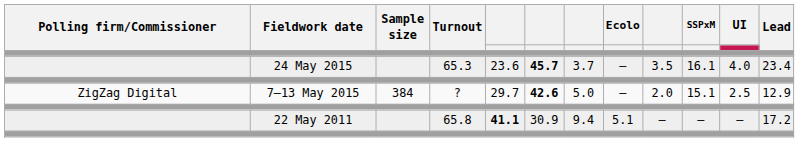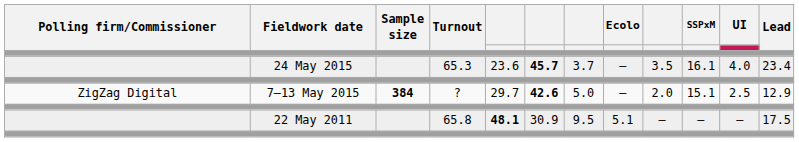 <table class="wikitable collapsible collapsed" style="text-align:center; font-size:95%; line-height:16px;">
 <tr style="height:42px;">
 <th style="width:250px;" rowspan="2">Polling firm/Commissioner</th>
 <th style="width:125px;" rowspan="2">Fieldwork date</th>
 <th style="width:50px;" rowspan="2">Sample size</th>
 <th style="width:45px;" rowspan="2">Turnout</th>
 <th style="width:35px;"></th>
 <th style="width:35px;"></th>
 <th style="width:35px;"></th>
 <th style="width:35px; font-size:95%;">Ecolo</th>
 <th style="width:35px;"></th>
 <th style="width:35px; font-size:80%;">SSPxM</th>
 <th style="width:35px;">UI</th>
 <th style="width:30px;" rowspan="2">Lead</th>
 </tr>
 <tr>
 <th style="color:inherit;background:"></th>
 <th style="color:inherit;background:"></th>
 <th style="color:inherit;background:"></th>
 <th style="color:inherit;background:"></th>
 <th style="color:inherit;background:"></th>
 <th style="color:inherit;background:"></th>
 <th style="color:inherit;background:#C61654;"></th>
 </tr>
 <tr>
 <td colspan="12" style="background:#A0A0A0"></td>
 </tr>
 <tr style="background:#EFEFEF;">
 <td><strong></strong></td>
 <td>24 May 2015</td>
 <td></td>
 <td>65.3</td>
 <td>23.6<br></td>
 <td><strong>45.7</strong><br></td>
 <td>3.7<br></td>
 <td>–</td>
 <td>3.5<br></td>
 <td>16.1<br></td>
 <td>4.0<br></td>
 <td style="background:">23.4</td>
 </tr>
 <tr>
 <td colspan="12" style="background:#A0A0A0"></td>
 </tr>
 <tr>
 <td>ZigZag Digital</td>
 <td>7–13 May 2015</td>
-<td>384</td>
+<td><strong>384</strong></td>
 <td>?</td>
 <td>29.7<br></td>
 <td><strong>42.6</strong><br></td>
 <td>5.0<br></td>
 <td>–</td>
 <td>2.0<br></td>
 <td>15.1<br></td>
 <td>2.5<br></td>
 <td style="background:">12.9</td>
 </tr>
 <tr>
 <td colspan="12" style="background:#A0A0A0"></td>
 </tr>
 <tr style="background:#EFEFEF;">
 <td><strong></strong></td>
 <td>22 May 2011</td>
 <td></td>
 <td>65.8</td>
-<td><strong>41.1</strong><br></td>
+<td><strong>48.1</strong><br></td>
 <td>30.9<br></td>
-<td>9.4<br></td>
+<td>9.5<br></td>
 <td>5.1<br></td>
 <td>–</td>
 <td>–</td>
 <td>–</td>
-<td style="background:">17.2</td>
+<td style="background:">17.5</td>
 </tr>
 <tr>
 <td colspan="12" style="background:#A0A0A0"></td>
 </tr>
 </table>
